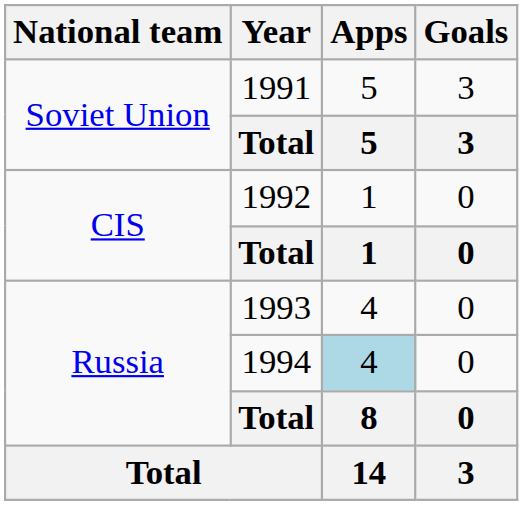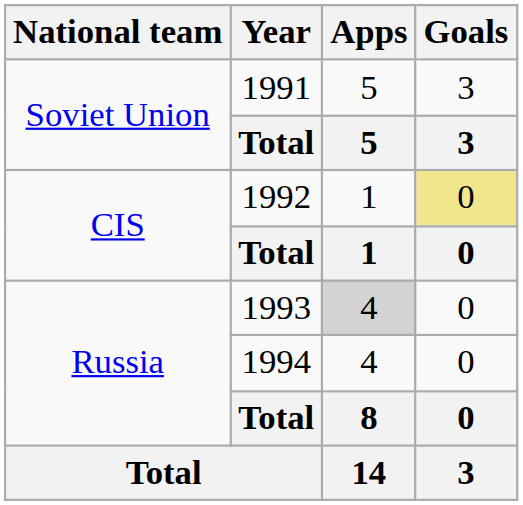 <table class=wikitable style="text-align: center">
 <tr>
 <th>National team</th>
 <th>Year</th>
 <th>Apps</th>
 <th>Goals</th>
 </tr>
 <tr>
 <td rowspan="2"><a href='#'>Soviet Union</a></td>
 <td>1991</td>
 <td>5</td>
 <td>3</td>
 </tr>
 <tr>
 <th>Total</th>
 <th>5</th>
 <th>3</th>
 </tr>
 <tr>
 <td rowspan="2"><a href='#'>CIS</a></td>
 <td>1992</td>
 <td>1</td>
-<td>0</td>
+<td style="background: khaki;">0</td>
 </tr>
 <tr>
 <th>Total</th>
 <th>1</th>
 <th>0</th>
 </tr>
 <tr>
 <td rowspan="3"><a href='#'>Russia</a></td>
 <td>1993</td>
-<td>4</td>
+<td style="background: lightgrey;">4</td>
 <td>0</td>
 </tr>
 <tr>
 <td>1994</td>
-<td style="background: lightblue;">4</td>
+<td>4</td>
 <td>0</td>
 </tr>
 <tr>
 <th>Total</th>
 <th>8</th>
 <th>0</th>
 </tr>
 <tr>
 <th colspan="2">Total</th>
 <th>14</th>
 <th>3</th>
 </tr>
 </table>
